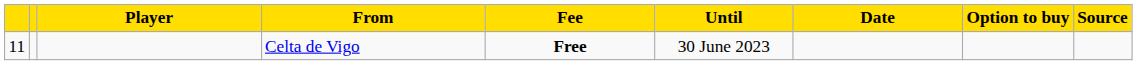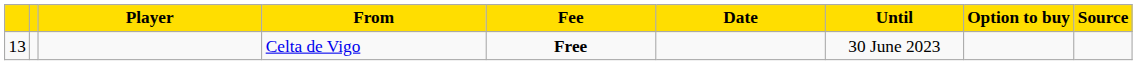 <table class="wikitable sortable">
 <tr>
 <th style="background:#FFDE00"></th>
 <th style="background:#FFDE00"></th>
 <th width=200 style="background:#FFDE00">Player</th>
 <th width=200 style="background:#FFDE00">From</th>
 <th width=150 style="background:#FFDE00">Fee</th>
+<th width=150 style="background:#FFDE00">Date</th>
 <th width=120 style="background:#FFDE00">Until</th>
-<th width=150 style="background:#FFDE00">Date</th>
 <th style="background:#FFDE00">Option to buy</th>
 <th style="background:#FFDE00">Source</th>
 </tr>
 <tr>
-<td align=center>11</td>
+<td align=center>13</td>
 <td align=center></td>
 <td></td>
 <td> <a href='#'>Celta de Vigo</a></td>
 <td align=center><strong>Free</strong></td>
+<td align=center></td>
 <td align=center>30 June 2023</td>
-<td align=center></td>
 <td align=center></td>
 <td align=center></td>
 </tr>
 </table>
